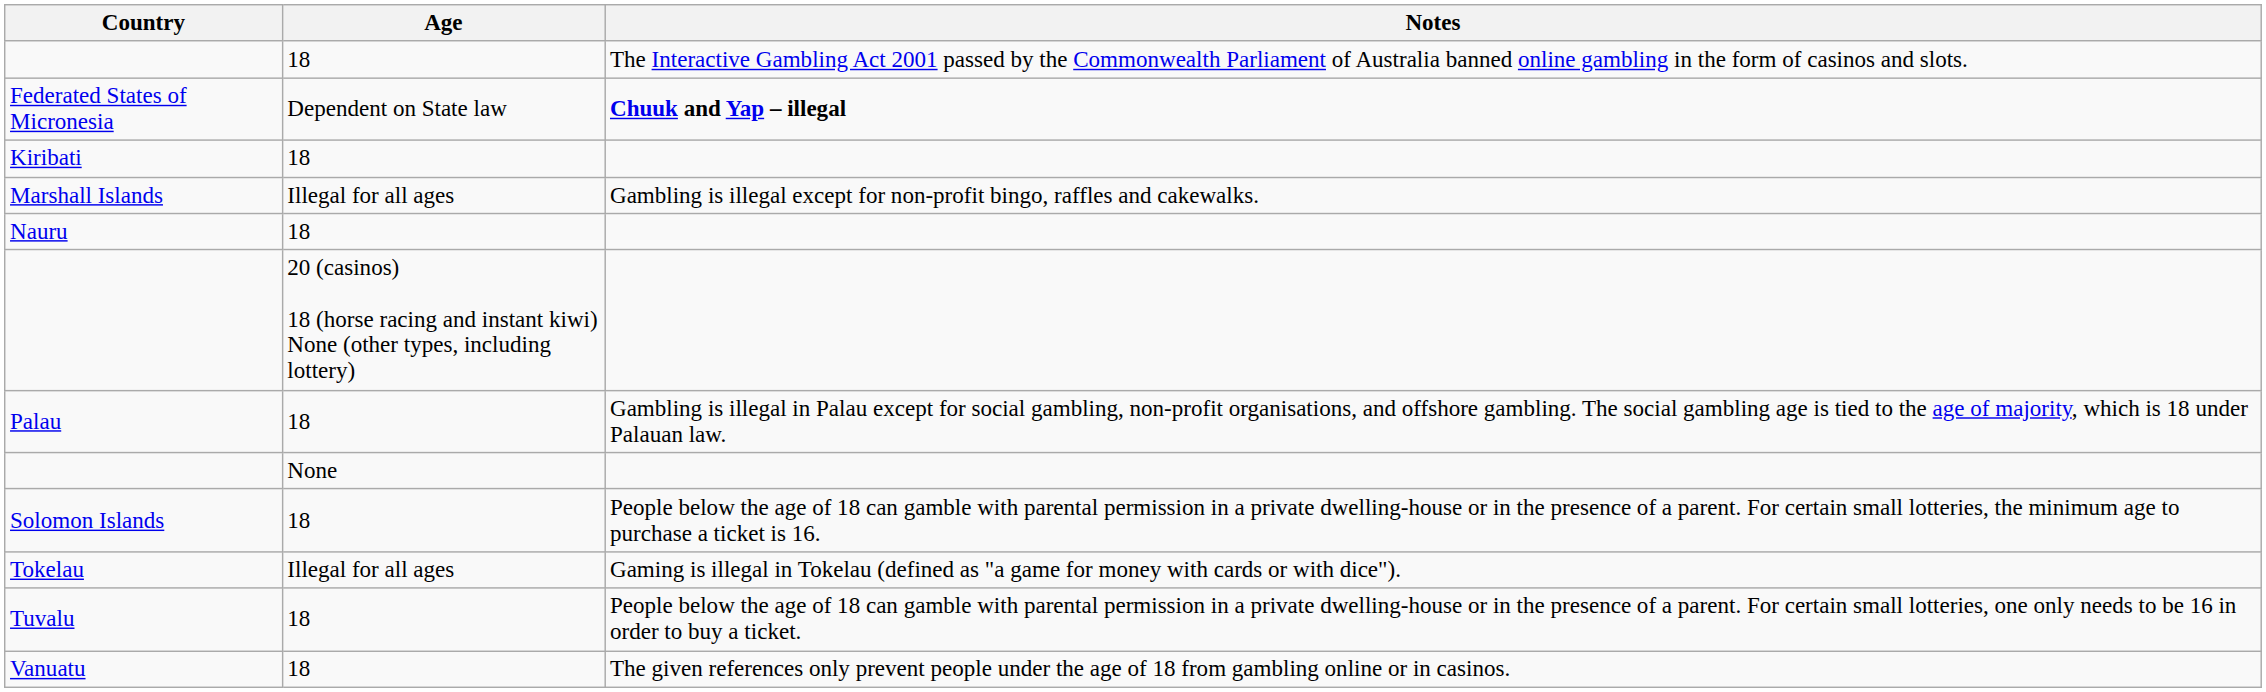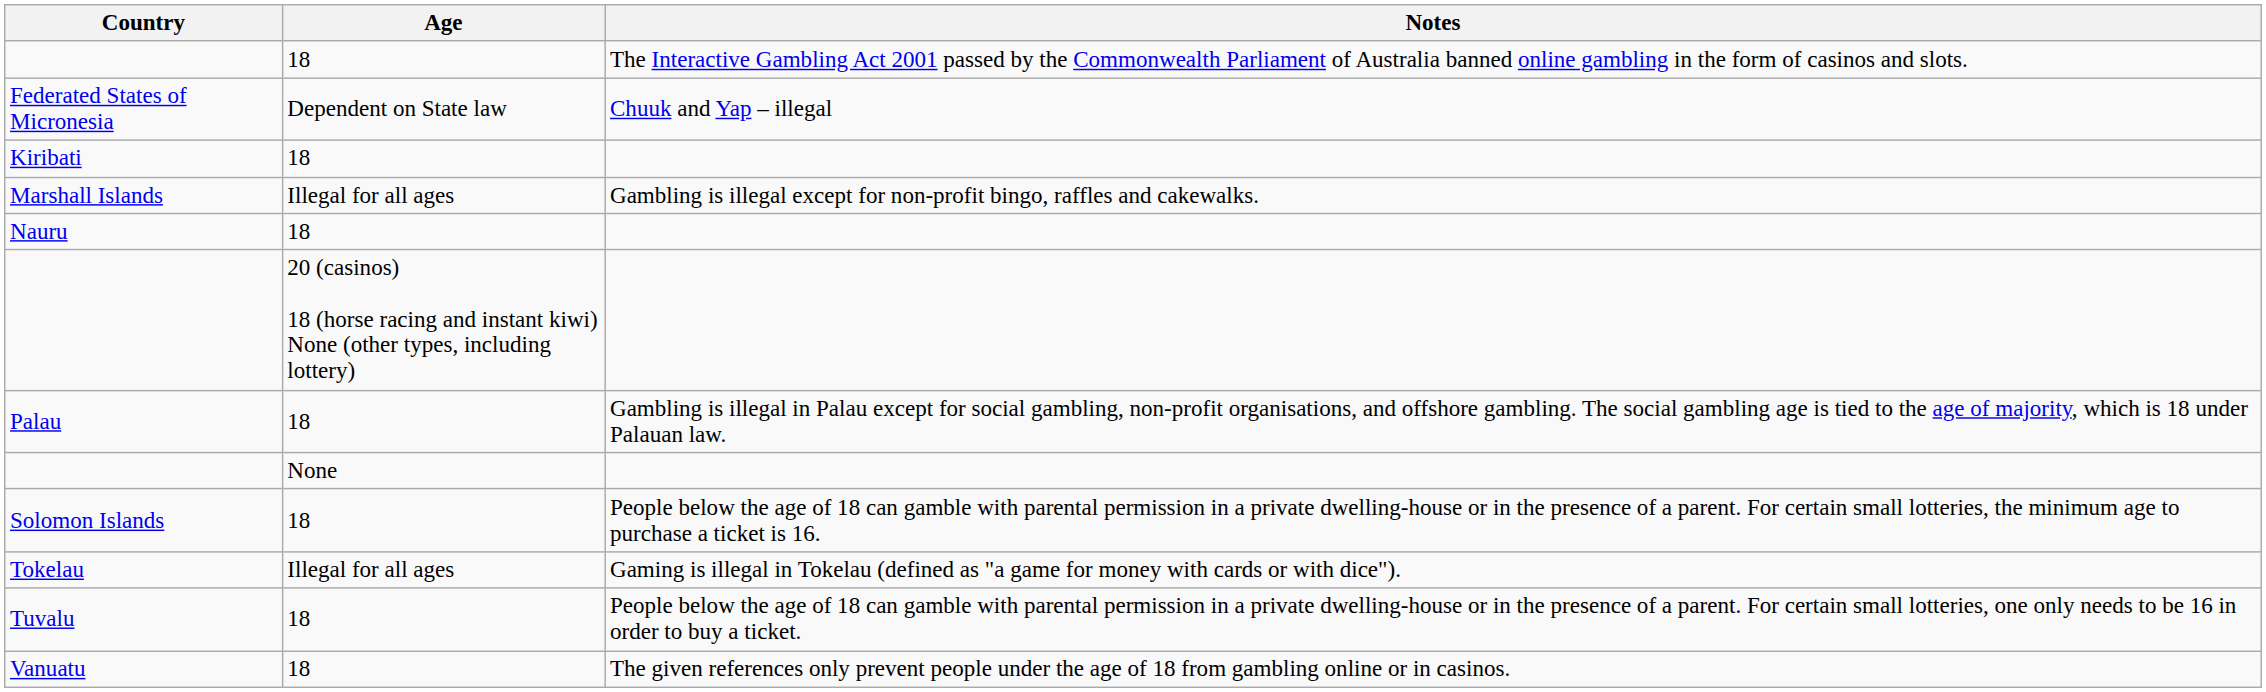 <table class="wikitable sortable">
 <tr>
 <th data-sort-type="letter">Country</th>
 <th data-sort-type="number">Age</th>
 <th class="unsortable">Notes</th>
 </tr>
 <tr>
 <td></td>
 <td>18</td>
 <td>The <a href='#'>Interactive Gambling Act 2001</a> passed by the <a href='#'>Commonwealth Parliament</a> of Australia banned <a href='#'>online gambling</a> in the form of casinos and slots.</td>
 </tr>
 <tr>
 <td> <a href='#'>Federated States of Micronesia</a></td>
 <td data-sort-value="10">Dependent on State law</td>
-<td><strong> <a href='#'>Chuuk</a> and  <a href='#'>Yap</a> – illegal</strong></td>
+<td> <a href='#'>Chuuk</a> and  <a href='#'>Yap</a> – illegal</td>
 </tr>
 <tr>
 <td> <a href='#'>Kiribati</a></td>
 <td>18</td>
 <td></td>
 </tr>
 <tr>
 <td> <a href='#'>Marshall Islands</a></td>
 <td data-sort-value="99">Illegal for all ages</td>
 <td>Gambling is illegal except for non-profit bingo, raffles and cakewalks.</td>
 </tr>
 <tr>
 <td> <a href='#'>Nauru</a></td>
 <td>18</td>
 <td></td>
 </tr>
 <tr>
 <td></td>
 <td>20 (casinos)<br><br>18 (horse racing and instant kiwi)<br> None (other types, including lottery)</td>
 <td></td>
 </tr>
 <tr>
 <td> <a href='#'>Palau</a></td>
 <td>18</td>
 <td>Gambling is illegal in Palau except for social gambling, non-profit organisations, and offshore gambling. The social gambling age is tied to the <a href='#'>age of majority</a>, which is 18 under Palauan law.</td>
 </tr>
 <tr>
 <td></td>
 <td data-sort-value="0">None</td>
 <td></td>
 </tr>
 <tr>
 <td> <a href='#'>Solomon Islands</a></td>
 <td>18</td>
 <td>People below the age of 18 can gamble with parental permission in a private dwelling-house or in the presence of a parent. For certain small lotteries, the minimum age to purchase a ticket is 16.</td>
 </tr>
 <tr>
 <td> <a href='#'>Tokelau</a></td>
 <td data-sort-value="99">Illegal for all ages</td>
 <td>Gaming is illegal in Tokelau (defined as "a game for money with cards or with dice").</td>
 </tr>
 <tr>
 <td> <a href='#'>Tuvalu</a></td>
 <td>18</td>
 <td>People below the age of 18 can gamble with parental permission in a private dwelling-house or in the presence of a parent. For certain small lotteries, one only needs to be 16 in order to buy a ticket.</td>
 </tr>
 <tr>
 <td> <a href='#'>Vanuatu</a></td>
 <td>18</td>
 <td>The given references only prevent people under the age of 18 from gambling online or in casinos.</td>
 </tr>
 </table>
